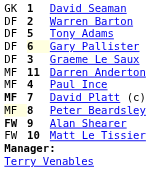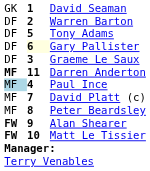 <table cellspacing="0" cellpadding="0" style="font-size:90%; margin:0.2em auto;">
 <tr>
 <th width="25"></th>
 <th width="25"></th>
 </tr>
 <tr>
 <td>GK</td>
 <td><strong>1</strong></td>
 <td><a href='#'>David Seaman</a></td>
 </tr>
 <tr>
 <td>DF</td>
 <td><strong>2</strong></td>
 <td><a href='#'>Warren Barton</a></td>
 </tr>
 <tr>
 <td>DF</td>
 <td><strong>5</strong></td>
 <td><a href='#'>Tony Adams</a></td>
 </tr>
 <tr>
 <td>DF</td>
 <td style="background: lightyellow;"><strong>6</strong></td>
 <td><a href='#'>Gary Pallister</a></td>
 </tr>
 <tr>
 <td>DF</td>
 <td><strong>3</strong></td>
 <td><a href='#'>Graeme Le Saux</a></td>
 </tr>
 <tr>
-<td>MF</td>
+<td><strong>MF</strong></td>
 <td><strong>11</strong></td>
 <td><a href='#'>Darren Anderton</a></td>
 </tr>
 <tr>
-<td>MF</td>
+<td style="background: lightblue;">MF</td>
 <td><strong>4</strong></td>
 <td><a href='#'>Paul Ince</a></td>
 </tr>
 <tr>
-<td><strong>MF</strong></td>
+<td>MF</td>
 <td><strong>7</strong></td>
 <td><a href='#'>David Platt</a> (c)</td>
 </tr>
 <tr>
-<td style="background: lightyellow;">MF</td>
+<td>MF</td>
 <td><strong>8</strong></td>
 <td><a href='#'>Peter Beardsley</a></td>
 </tr>
 <tr>
 <td><strong>FW</strong></td>
 <td><strong>9</strong></td>
 <td><a href='#'>Alan Shearer</a></td>
 </tr>
 <tr>
-<td>FW</td>
+<td><strong>FW</strong></td>
 <td><strong>10</strong></td>
 <td><a href='#'>Matt Le Tissier</a></td>
 </tr>
 <tr>
 <td colspan=3><strong>Manager:</strong></td>
 </tr>
 <tr>
 <td colspan=4> <a href='#'>Terry Venables</a></td>
 </tr>
 </table>
